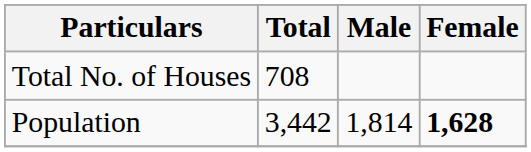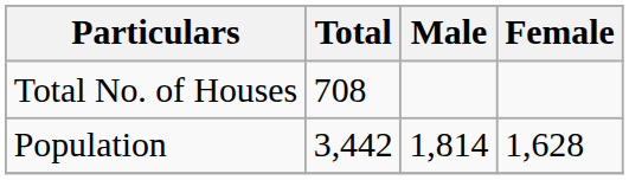 <table class="wikitable sortable">
 <tr>
 <th>Particulars</th>
 <th>Total</th>
 <th>Male</th>
 <th>Female</th>
 </tr>
 <tr>
 <td>Total No. of Houses</td>
 <td>708</td>
 <td></td>
 <td></td>
 </tr>
 <tr>
 <td>Population</td>
 <td>3,442</td>
 <td>1,814</td>
-<td><strong>1,628</strong></td>
+<td>1,628</td>
 </tr>
 <tr>
 </tr>
 </table>
